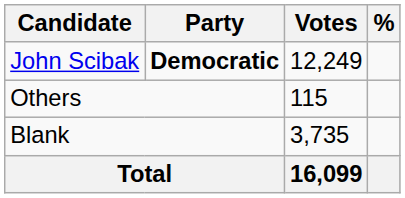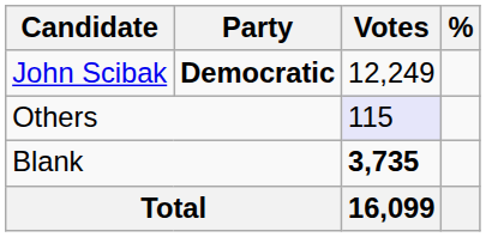 <table class="wikitable">
 <tr>
 <th>Candidate</th>
 <th>Party</th>
 <th>Votes</th>
 <th>%</th>
 </tr>
 <tr>
 <td><a href='#'>John Scibak</a></td>
 <td><strong>Democratic</strong></td>
 <td>12,249</td>
 <td></td>
 </tr>
 <tr>
 <td colspan = 2>Others</td>
-<td>115</td>
+<td style="background: lavender;">115</td>
 <td></td>
 </tr>
 <tr>
 <td colspan = 2>Blank</td>
-<td>3,735</td>
+<td><strong>3,735</strong></td>
 <td></td>
 </tr>
 <tr>
 <th colspan = 2>Total</th>
 <th>16,099</th>
 <th></th>
 </tr>
 </table>
